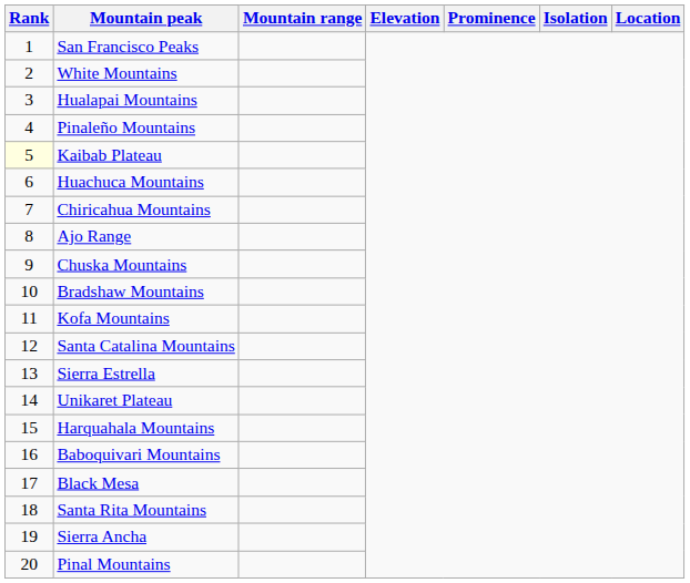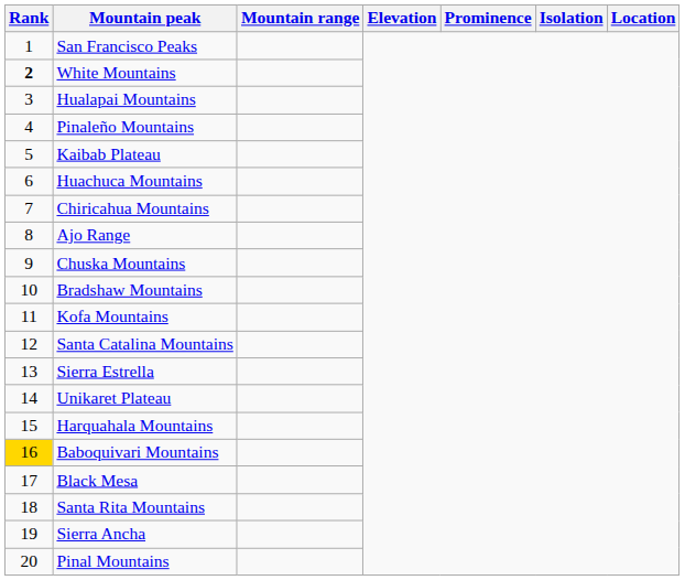 <table class="wikitable sortable">
 <tr>
 <th><a href='#'>Rank</a></th>
 <th><a href='#'>Mountain peak</a></th>
 <th><a href='#'>Mountain range</a></th>
 <th><a href='#'>Elevation</a></th>
 <th><a href='#'>Prominence</a></th>
 <th><a href='#'>Isolation</a></th>
 <th><a href='#'>Location</a></th>
 </tr>
 <tr>
 <td align=center>1<br></td>
 <td><a href='#'>San Francisco Peaks</a><br></td>
 <td></td>
 </tr>
 <tr>
-<td align=center>2<br></td>
+<td align=center><strong>2<br></strong></td>
 <td><a href='#'>White Mountains</a><br></td>
 <td></td>
 </tr>
 <tr>
 <td align=center>3<br></td>
 <td><a href='#'>Hualapai Mountains</a><br></td>
 <td></td>
 </tr>
 <tr>
 <td align=center>4<br></td>
 <td><a href='#'>Pinaleño Mountains</a><br></td>
 <td></td>
 </tr>
 <tr>
-<td align=center style="background: lightyellow;">5<br></td>
+<td align=center>5<br></td>
 <td><a href='#'>Kaibab Plateau</a><br></td>
 <td></td>
 </tr>
 <tr>
 <td align=center>6<br></td>
 <td><a href='#'>Huachuca Mountains</a><br></td>
 <td></td>
 </tr>
 <tr>
 <td align=center>7<br></td>
 <td><a href='#'>Chiricahua Mountains</a><br></td>
 <td></td>
 </tr>
 <tr>
 <td align=center>8<br></td>
 <td><a href='#'>Ajo Range</a><br></td>
 <td></td>
 </tr>
 <tr>
 <td align=center>9<br></td>
 <td><a href='#'>Chuska Mountains</a><br></td>
 <td></td>
 </tr>
 <tr>
 <td align=center>10<br></td>
 <td><a href='#'>Bradshaw Mountains</a><br></td>
 <td></td>
 </tr>
 <tr>
 <td align=center>11<br></td>
 <td><a href='#'>Kofa Mountains</a><br></td>
 <td></td>
 </tr>
 <tr>
 <td align=center>12<br></td>
 <td><a href='#'>Santa Catalina Mountains</a><br></td>
 <td></td>
 </tr>
 <tr>
 <td align=center>13<br></td>
 <td><a href='#'>Sierra Estrella</a><br></td>
 <td></td>
 </tr>
 <tr>
 <td align=center>14<br></td>
 <td><a href='#'>Unikaret Plateau</a><br></td>
 <td></td>
 </tr>
 <tr>
 <td align=center>15<br></td>
 <td><a href='#'>Harquahala Mountains</a><br></td>
 <td></td>
 </tr>
 <tr>
-<td align=center>16<br></td>
+<td align=center style="background: gold;">16<br></td>
 <td><a href='#'>Baboquivari Mountains</a><br></td>
 <td></td>
 </tr>
 <tr>
 <td align=center>17<br></td>
 <td><a href='#'>Black Mesa</a><br></td>
 <td></td>
 </tr>
 <tr>
 <td align=center>18<br></td>
 <td><a href='#'>Santa Rita Mountains</a><br></td>
 <td></td>
 </tr>
 <tr>
 <td align=center>19<br></td>
 <td><a href='#'>Sierra Ancha</a><br></td>
 <td></td>
 </tr>
 <tr>
 <td align=center>20<br></td>
 <td><a href='#'>Pinal Mountains</a><br></td>
 <td></td>
 </tr>
 </table>
